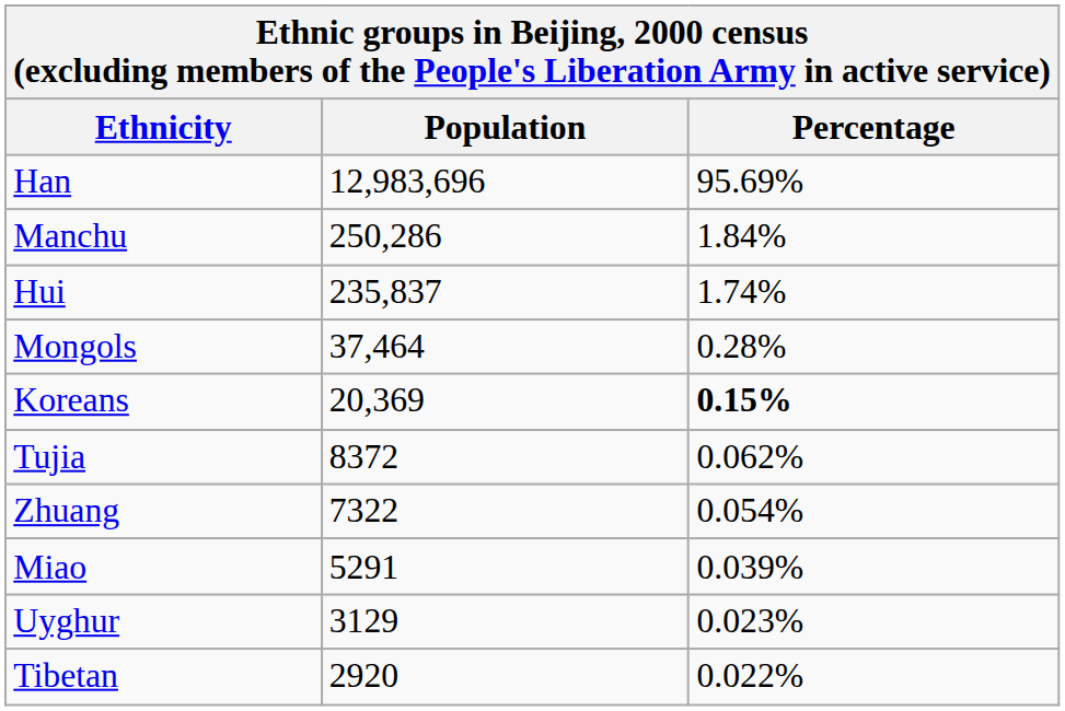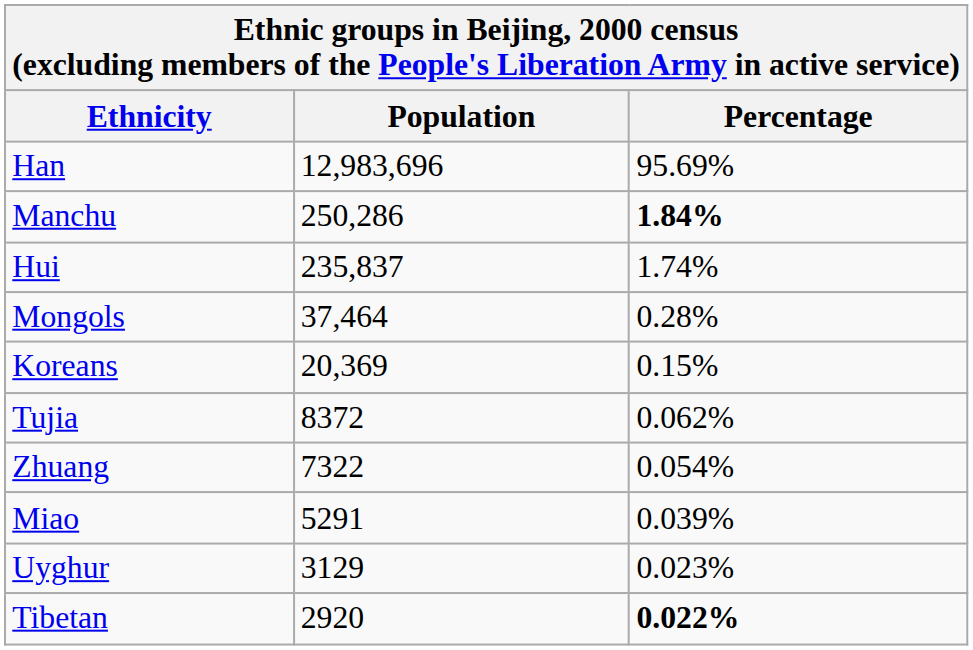 <table class="wikitable">
 <tr>
 <th style="text-align:center;" colspan="3">Ethnic groups in Beijing, 2000 census<br>(excluding members of the <a href='#'>People's Liberation Army</a> in active service)</th>
 </tr>
 <tr>
 <th><a href='#'>Ethnicity</a></th>
 <th>Population</th>
 <th>Percentage</th>
 </tr>
 <tr>
 <td><a href='#'>Han</a></td>
 <td>12,983,696</td>
 <td>95.69%</td>
 </tr>
 <tr>
 <td><a href='#'>Manchu</a></td>
 <td>250,286</td>
-<td>1.84%</td>
+<td><strong>1.84%</strong></td>
 </tr>
 <tr>
 <td><a href='#'>Hui</a></td>
 <td>235,837</td>
 <td>1.74%</td>
 </tr>
 <tr>
 <td><a href='#'>Mongols</a></td>
 <td>37,464</td>
 <td>0.28%</td>
 </tr>
 <tr>
 <td><a href='#'>Koreans</a></td>
 <td>20,369</td>
-<td><strong>0.15%</strong></td>
+<td>0.15%</td>
 </tr>
 <tr>
 <td><a href='#'>Tujia</a></td>
 <td>8372</td>
 <td>0.062%</td>
 </tr>
 <tr>
 <td><a href='#'>Zhuang</a></td>
 <td>7322</td>
 <td>0.054%</td>
 </tr>
 <tr>
 <td><a href='#'>Miao</a></td>
 <td>5291</td>
 <td>0.039%</td>
 </tr>
 <tr>
 <td><a href='#'>Uyghur</a></td>
 <td>3129</td>
 <td>0.023%</td>
 </tr>
 <tr>
 <td><a href='#'>Tibetan</a></td>
 <td>2920</td>
-<td>0.022%</td>
+<td><strong>0.022%</strong></td>
 </tr>
 </table>
